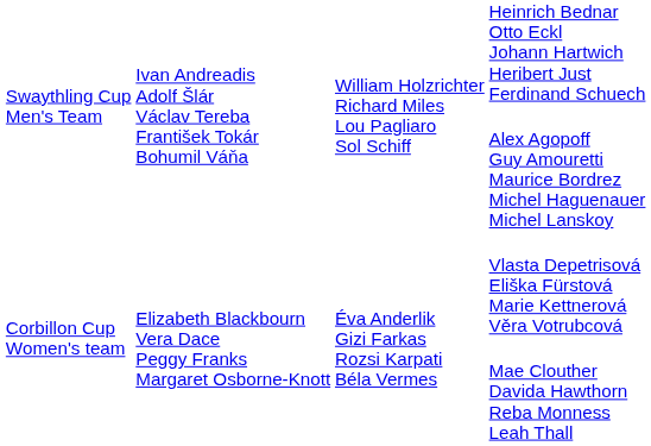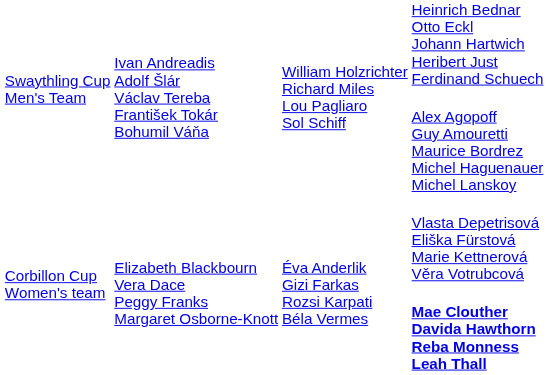 <table>
 <tr>
 <td rowspan=2><a href='#'>Swaythling Cup<br>Men's Team</a></td>
 <td rowspan=2><br><a href='#'>Ivan Andreadis</a><br><a href='#'>Adolf Šlár</a><br><a href='#'>Václav Tereba</a><br><a href='#'>František Tokár</a><br><a href='#'>Bohumil Váňa</a></td>
 <td rowspan=2><br><a href='#'>William Holzrichter</a><br><a href='#'>Richard Miles</a><br><a href='#'>Lou Pagliaro</a><br><a href='#'>Sol Schiff</a></td>
 <td><br><a href='#'>Heinrich Bednar</a><br><a href='#'>Otto Eckl</a><br><a href='#'>Johann Hartwich</a><br><a href='#'>Heribert Just</a><br><a href='#'>Ferdinand Schuech</a></td>
 </tr>
 <tr>
 <td><br><a href='#'>Alex Agopoff</a><br><a href='#'>Guy Amouretti</a><br><a href='#'>Maurice Bordrez</a><br><a href='#'>Michel Haguenauer</a><br><a href='#'>Michel Lanskoy</a></td>
 </tr>
 <tr>
 <td rowspan=2><a href='#'>Corbillon Cup<br>Women's team</a></td>
 <td rowspan=2><br><a href='#'>Elizabeth Blackbourn</a><br><a href='#'>Vera Dace</a><br><a href='#'>Peggy Franks</a><br><a href='#'>Margaret Osborne-Knott</a></td>
 <td rowspan=2><br><a href='#'>Éva Anderlik</a><br><a href='#'>Gizi Farkas</a><br><a href='#'>Rozsi Karpati</a><br><a href='#'>Béla Vermes</a></td>
 <td><br><a href='#'>Vlasta Depetrisová</a><br><a href='#'>Eliška Fürstová</a><br><a href='#'>Marie Kettnerová</a><br><a href='#'>Věra Votrubcová</a></td>
 </tr>
 <tr>
-<td><br><a href='#'>Mae Clouther</a><br><a href='#'>Davida Hawthorn</a><br><a href='#'>Reba Monness</a><br><a href='#'>Leah Thall</a></td>
+<td><strong><br><a href='#'>Mae Clouther</a><br><a href='#'>Davida Hawthorn</a><br><a href='#'>Reba Monness</a><br><a href='#'>Leah Thall</a></strong></td>
 </tr>
 </table>
